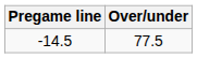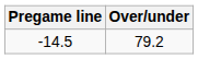 <table class="wikitable" style="margin-left: auto; margin-right: auto; border: none; display: inline-table;">
 <tr align="center">
 <th style=>Pregame line</th>
 <th style=>Over/under</th>
 </tr>
 <tr align="center">
 <td>-14.5</td>
-<td>77.5</td>
+<td>79.2</td>
 </tr>
 </table>
